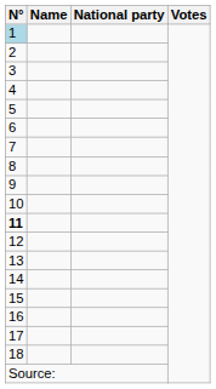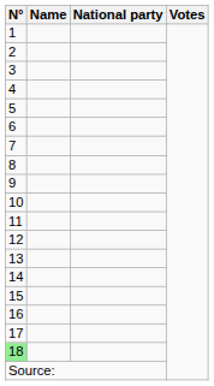 <table class="wikitable sortable" style="font-size:95%;line-height:14px;">
 <tr>
 <th>N°</th>
 <th>Name</th>
 <th colspan="2">National party</th>
 <th>Votes</th>
 </tr>
 <tr>
-<td style="background: lightblue;">1</td>
+<td>1</td>
 <td></td>
 <td></td>
 </tr>
 <tr>
 <td>2</td>
 <td></td>
 <td></td>
 </tr>
 <tr>
 <td>3</td>
 <td><em></em></td>
 <td></td>
 </tr>
 <tr>
 <td>4</td>
 <td></td>
 <td></td>
 </tr>
 <tr>
 <td>5</td>
 <td></td>
 <td></td>
 </tr>
 <tr>
 <td>6</td>
 <td></td>
 <td></td>
 </tr>
 <tr>
 <td>7</td>
 <td></td>
 <td></td>
 </tr>
 <tr>
 <td>8</td>
 <td></td>
 <td></td>
 </tr>
 <tr>
 <td>9</td>
 <td></td>
 <td></td>
 </tr>
 <tr>
 <td>10</td>
 <td></td>
 <td></td>
 </tr>
 <tr>
-<td><strong>11</strong></td>
+<td>11</td>
 <td></td>
 <td></td>
 </tr>
 <tr>
 <td>12</td>
 <td></td>
 <td></td>
 </tr>
 <tr>
 <td>13</td>
 <td></td>
 <td></td>
 </tr>
 <tr>
 <td>14</td>
 <td></td>
 <td></td>
 </tr>
 <tr>
 <td>15</td>
 <td></td>
 <td></td>
 </tr>
 <tr>
 <td>16</td>
 <td></td>
 <td></td>
 </tr>
 <tr>
 <td>17</td>
 <td></td>
 <td></td>
 </tr>
 <tr>
-<td>18</td>
+<td style="background: lightgreen;">18</td>
 <td></td>
 <td></td>
 </tr>
 <tr>
 <td colspan="3">Source: </td>
 </tr>
 </table>
